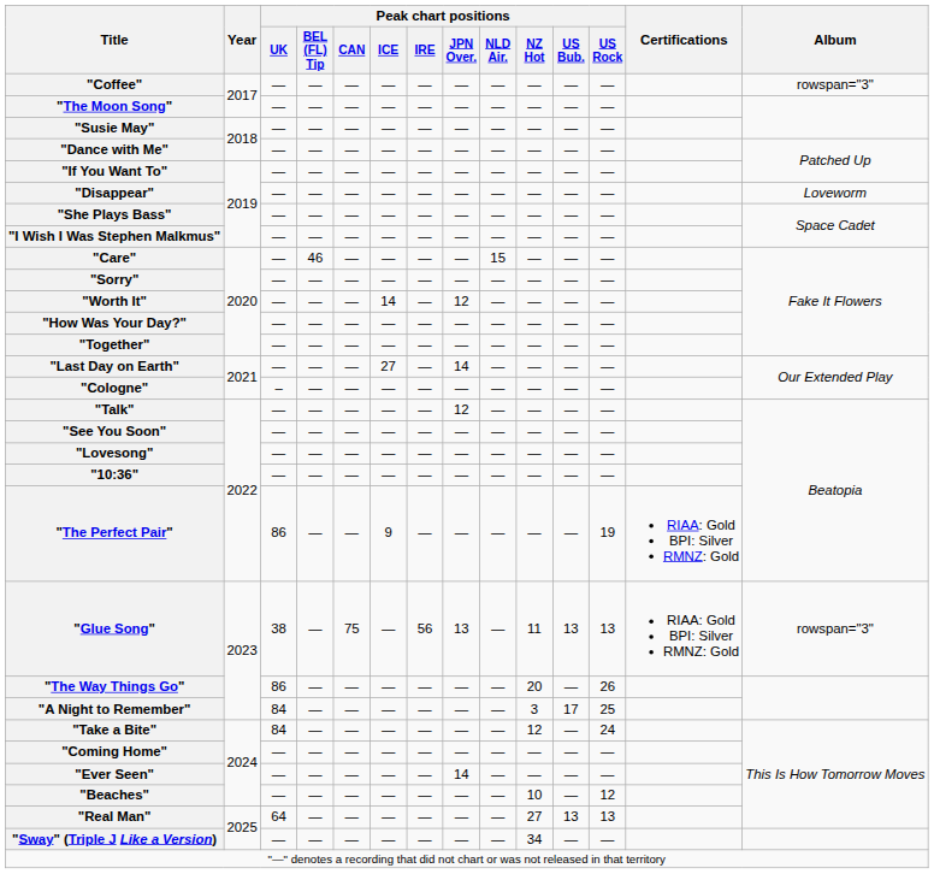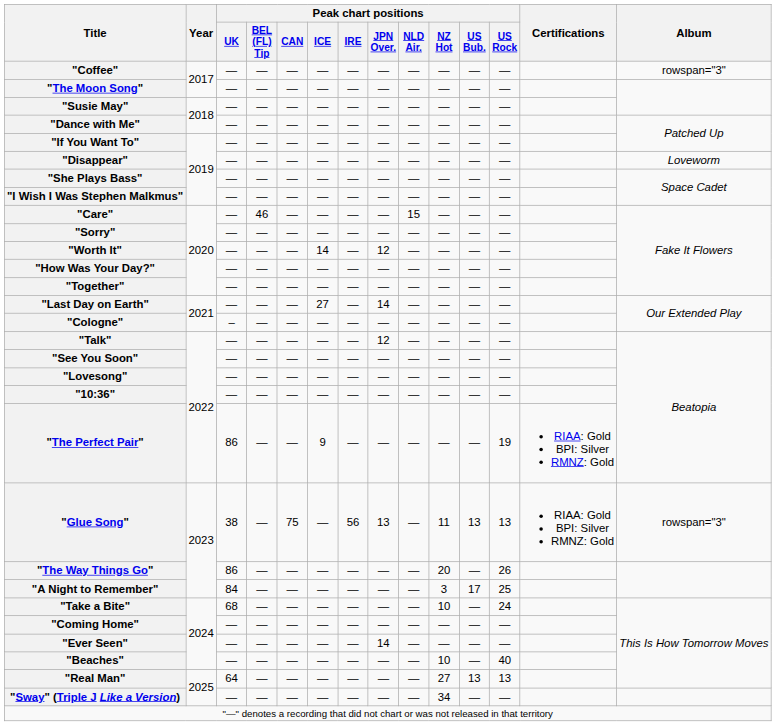 <table class="wikitable plainrowheaders" style="text-align:center;">
 <tr>
 <th scope="col" rowspan="2">Title</th>
 <th scope="col" rowspan="2">Year</th>
 <th scope="col" colspan="10">Peak chart positions</th>
 <th scope="col" rowspan="2">Certifications</th>
 <th scope="col" rowspan="2">Album</th>
 </tr>
 <tr>
 <th scope="col" style="width:2.5em;font-size:90%;"><a href='#'>UK</a><br></th>
 <th scope="col" style="width:2.5em;font-size:90%;"><a href='#'>BEL<br>(FL)<br>Tip</a><br></th>
 <th scope="col" style="width:2.5em;font-size:90%;"><a href='#'>CAN</a><br></th>
 <th scope="col" style="width:2.5em;font-size:90%;"><a href='#'>ICE</a><br></th>
 <th scope="col" style="width:2.5em;font-size:90%;"><a href='#'>IRE</a><br></th>
 <th scope="col" style="width:2.5em;font-size:90%;"><a href='#'>JPN<br>Over.</a><br></th>
 <th scope="col" style="width:2.5em;font-size:90%;"><a href='#'>NLD<br>Air.</a><br></th>
 <th scope="col" style="width:2.5em;font-size:90%;"><a href='#'>NZ<br>Hot</a><br></th>
 <th scope="col" style="width:2.5em;font-size:90%;"><a href='#'>US<br>Bub.</a><br></th>
 <th scope="col" style="width:2.5em;font-size:90%;"><a href='#'>US<br>Rock</a><br></th>
 </tr>
 <tr>
 <th scope="row">"Coffee"</th>
 <td rowspan="2">2017</td>
 <td>—</td>
 <td>—</td>
 <td>—</td>
 <td>—</td>
 <td>—</td>
 <td>—</td>
 <td>—</td>
 <td>—</td>
 <td>—</td>
 <td>—</td>
 <td></td>
 <td>rowspan="3" </td>
 </tr>
 <tr>
 <th scope="row">"<a href='#'>The Moon Song</a>"</th>
 <td>—</td>
 <td>—</td>
 <td>—</td>
 <td>—</td>
 <td>—</td>
 <td>—</td>
 <td>—</td>
 <td>—</td>
 <td>—</td>
 <td>—</td>
 <td></td>
 </tr>
 <tr>
 <th scope="row">"Susie May"</th>
 <td rowspan="2">2018</td>
 <td>—</td>
 <td>—</td>
 <td>—</td>
 <td>—</td>
 <td>—</td>
 <td>—</td>
 <td>—</td>
 <td>—</td>
 <td>—</td>
 <td>—</td>
 <td></td>
 </tr>
 <tr>
 <th scope="row">"Dance with Me"</th>
 <td>—</td>
 <td>—</td>
 <td>—</td>
 <td>—</td>
 <td>—</td>
 <td>—</td>
 <td>—</td>
 <td>—</td>
 <td>—</td>
 <td>—</td>
 <td></td>
 <td rowspan="2"><em>Patched Up</em></td>
 </tr>
 <tr>
 <th scope="row">"If You Want To"</th>
 <td rowspan="4">2019</td>
 <td>—</td>
 <td>—</td>
 <td>—</td>
 <td>—</td>
 <td>—</td>
 <td>—</td>
 <td>—</td>
 <td>—</td>
 <td>—</td>
 <td>—</td>
 <td></td>
 </tr>
 <tr>
 <th scope="row">"Disappear"</th>
 <td>—</td>
 <td>—</td>
 <td>—</td>
 <td>—</td>
 <td>—</td>
 <td>—</td>
 <td>—</td>
 <td>—</td>
 <td>—</td>
 <td>—</td>
 <td></td>
 <td><em>Loveworm</em></td>
 </tr>
 <tr>
 <th scope="row">"She Plays Bass"</th>
 <td>—</td>
 <td>—</td>
 <td>—</td>
 <td>—</td>
 <td>—</td>
 <td>—</td>
 <td>—</td>
 <td>—</td>
 <td>—</td>
 <td>—</td>
 <td></td>
 <td rowspan="2"><em>Space Cadet</em></td>
 </tr>
 <tr>
 <th scope="row">"I Wish I Was Stephen Malkmus"</th>
 <td>—</td>
 <td>—</td>
 <td>—</td>
 <td>—</td>
 <td>—</td>
 <td>—</td>
 <td>—</td>
 <td>—</td>
 <td>—</td>
 <td>—</td>
 <td></td>
 </tr>
 <tr>
 <th scope="row">"Care"</th>
 <td rowspan="5">2020</td>
 <td>—</td>
 <td>46</td>
 <td>—</td>
 <td>—</td>
 <td>—</td>
 <td>—</td>
 <td>15</td>
 <td>—</td>
 <td>—</td>
 <td>—</td>
 <td></td>
 <td rowspan="5"><em>Fake It Flowers</em></td>
 </tr>
 <tr>
 <th scope="row">"Sorry"</th>
 <td>—</td>
 <td>—</td>
 <td>—</td>
 <td>—</td>
 <td>—</td>
 <td>—</td>
 <td>—</td>
 <td>—</td>
 <td>—</td>
 <td>—</td>
 <td></td>
 </tr>
 <tr>
 <th scope="row">"Worth It"</th>
 <td>—</td>
 <td>—</td>
 <td>—</td>
 <td>14</td>
 <td>—</td>
 <td>12</td>
 <td>—</td>
 <td>—</td>
 <td>—</td>
 <td>—</td>
 <td></td>
 </tr>
 <tr>
 <th scope="row">"How Was Your Day?"</th>
 <td>—</td>
 <td>—</td>
 <td>—</td>
 <td>—</td>
 <td>—</td>
 <td>—</td>
 <td>—</td>
 <td>—</td>
 <td>—</td>
 <td>—</td>
 <td></td>
 </tr>
 <tr>
 <th scope="row">"Together"</th>
 <td>—</td>
 <td>—</td>
 <td>—</td>
 <td>—</td>
 <td>—</td>
 <td>—</td>
 <td>—</td>
 <td>—</td>
 <td>—</td>
 <td>—</td>
 <td></td>
 </tr>
 <tr>
 <th scope="row">"Last Day on Earth"</th>
 <td rowspan="2">2021</td>
 <td>—</td>
 <td>—</td>
 <td>—</td>
 <td>27</td>
 <td>—</td>
 <td>14</td>
 <td>—</td>
 <td>—</td>
 <td>—</td>
 <td>—</td>
 <td></td>
 <td rowspan="2"><em>Our Extended Play</em></td>
 </tr>
 <tr>
 <th scope="row">"Cologne"</th>
 <td>–</td>
 <td>—</td>
 <td>—</td>
 <td>—</td>
 <td>—</td>
 <td>—</td>
 <td>—</td>
 <td>—</td>
 <td>—</td>
 <td>—</td>
 <td></td>
 </tr>
 <tr>
 <th scope="row">"Talk"</th>
 <td rowspan="5">2022</td>
 <td>—</td>
 <td>—</td>
 <td>—</td>
 <td>—</td>
 <td>—</td>
 <td>12</td>
 <td>—</td>
 <td>—</td>
 <td>—</td>
 <td>—</td>
 <td></td>
 <td rowspan="5"><em>Beatopia</em></td>
 </tr>
 <tr>
 <th scope="row">"See You Soon"</th>
 <td>—</td>
 <td>—</td>
 <td>—</td>
 <td>—</td>
 <td>—</td>
 <td>—</td>
 <td>—</td>
 <td>—</td>
 <td>—</td>
 <td>—</td>
 <td></td>
 </tr>
 <tr>
 <th scope="row">"Lovesong"</th>
 <td>—</td>
 <td>—</td>
 <td>—</td>
 <td>—</td>
 <td>—</td>
 <td>—</td>
 <td>—</td>
 <td>—</td>
 <td>—</td>
 <td>—</td>
 <td></td>
 </tr>
 <tr>
 <th scope="row">"10:36"</th>
 <td>—</td>
 <td>—</td>
 <td>—</td>
 <td>—</td>
 <td>—</td>
 <td>—</td>
 <td>—</td>
 <td>—</td>
 <td>—</td>
 <td>—</td>
 <td></td>
 </tr>
 <tr>
 <th scope="row">"<a href='#'>The Perfect Pair</a>"</th>
 <td>86</td>
 <td>—</td>
 <td>—</td>
 <td>9</td>
 <td>—</td>
 <td>—</td>
 <td>—</td>
 <td>—</td>
 <td>—</td>
 <td>19</td>
 <td><br><ul><li><a href='#'>RIAA</a>: Gold</li><li>BPI: Silver</li><li><a href='#'>RMNZ</a>: Gold</li></ul></td>
 </tr>
 <tr>
 <th scope="row">"<a href='#'>Glue Song</a>"</th>
 <td rowspan="3">2023</td>
 <td>38</td>
 <td>—</td>
 <td>75</td>
 <td>—</td>
 <td>56</td>
 <td>13</td>
 <td>—</td>
 <td>11</td>
 <td>13</td>
 <td>13</td>
 <td><br><ul><li>RIAA: Gold</li><li>BPI: Silver</li><li>RMNZ: Gold</li></ul></td>
 <td>rowspan="3" </td>
 </tr>
 <tr>
 <th scope="row">"<a href='#'>The Way Things Go</a>"</th>
 <td>86</td>
 <td>—</td>
 <td>—</td>
 <td>—</td>
 <td>—</td>
 <td>—</td>
 <td>—</td>
 <td>20</td>
 <td>—</td>
 <td>26</td>
 <td></td>
 </tr>
 <tr>
 <th scope="row">"A Night to Remember"<br></th>
 <td>84</td>
 <td>—</td>
 <td>—</td>
 <td>—</td>
 <td>—</td>
 <td>—</td>
 <td>—</td>
 <td>3</td>
 <td>17</td>
 <td>25</td>
 <td></td>
 </tr>
 <tr>
 <th scope="row">"Take a Bite"</th>
 <td rowspan="4">2024</td>
-<td>84</td>
+<td>68</td>
 <td>—</td>
 <td>—</td>
 <td>—</td>
 <td>—</td>
 <td>—</td>
 <td>—</td>
-<td>12</td>
+<td>10</td>
 <td>—</td>
 <td>24</td>
 <td></td>
 <td rowspan="5"><em>This Is How Tomorrow Moves</em></td>
 </tr>
 <tr>
 <th scope="row">"Coming Home"</th>
 <td>—</td>
 <td>—</td>
 <td>—</td>
 <td>—</td>
 <td>—</td>
 <td>—</td>
 <td>—</td>
 <td>—</td>
 <td>—</td>
 <td>—</td>
 <td></td>
 </tr>
 <tr>
 <th scope="row">"Ever Seen"</th>
 <td>—</td>
 <td>—</td>
 <td>—</td>
 <td>—</td>
 <td>—</td>
 <td>14</td>
 <td>—</td>
 <td>—</td>
 <td>—</td>
 <td>—</td>
 <td></td>
 </tr>
 <tr>
 <th scope="row">"Beaches"</th>
 <td>—</td>
 <td>—</td>
 <td>—</td>
 <td>—</td>
 <td>—</td>
 <td>—</td>
 <td>—</td>
 <td>10</td>
 <td>—</td>
-<td>12</td>
+<td>40</td>
 <td></td>
 </tr>
 <tr>
 <th scope="row">"Real Man"</th>
 <td rowspan="2">2025</td>
 <td>64</td>
 <td>—</td>
 <td>—</td>
 <td>—</td>
 <td>—</td>
 <td>—</td>
 <td>—</td>
 <td>27</td>
 <td>13</td>
 <td>13</td>
 <td></td>
 </tr>
 <tr>
 <th scope="row">"<a href='#'>Sway</a>" (<a href='#'>Triple J</a> <em><a href='#'>Like a Version</a></em>)</th>
 <td>—</td>
 <td>—</td>
 <td>—</td>
 <td>—</td>
 <td>—</td>
 <td>—</td>
 <td>—</td>
 <td>34</td>
 <td>—</td>
 <td>—</td>
 <td></td>
 <td></td>
 </tr>
 <tr>
 <td colspan="14" style="font-size:85%">"—" denotes a recording that did not chart or was not released in that territory</td>
 </tr>
 </table>
